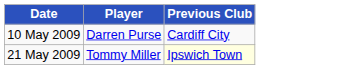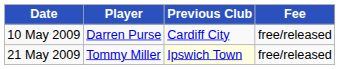 <table class="wikitable">
 <tr>
 <th style="background:#2B51BE; color:#FFFFFF; ">Date</th>
 <th style="background:#2B51BE; color:#FFFFFF; ">Player</th>
 <th style="background:#2B51BE; color:#FFFFFF; ">Previous Club</th>
+<th style="background:#2B51BE; color:#FFFFFF; ">Fee</th>
 </tr>
 <tr>
 <td>10 May 2009</td>
 <td><a href='#'>Darren Purse</a></td>
 <td><a href='#'>Cardiff City</a></td>
+<td>free/released</td>
 </tr>
 <tr>
 <td>21 May 2009</td>
 <td><a href='#'>Tommy Miller</a></td>
 <td style="background: lightyellow;"><a href='#'>Ipswich Town</a></td>
+<td>free/released</td>
 </tr>
 </table>
